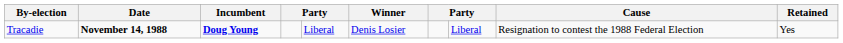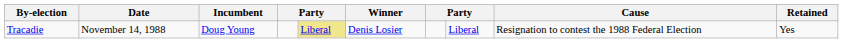 <table class=wikitable style="width:100%">
 <tr>
 <th>By-election</th>
 <th>Date</th>
 <th>Incumbent</th>
 <th colspan=2>Party</th>
 <th>Winner</th>
 <th colspan=2>Party</th>
 <th>Cause</th>
 <th>Retained</th>
 </tr>
 <tr>
 <td><a href='#'>Tracadie</a></td>
-<td><strong>November 14, 1988</strong></td>
-<td><strong><a href='#'>Doug Young</a></strong></td>
+<td>November 14, 1988</td>
+<td><a href='#'>Doug Young</a></td>
 <td>    </td>
-<td><a href='#'>Liberal</a></td>
+<td style="background: khaki;"><a href='#'>Liberal</a></td>
 <td><a href='#'>Denis Losier</a></td>
 <td>    </td>
 <td><a href='#'>Liberal</a></td>
 <td>Resignation to contest the 1988 Federal Election</td>
 <td>Yes</td>
 </tr>
 </table>
